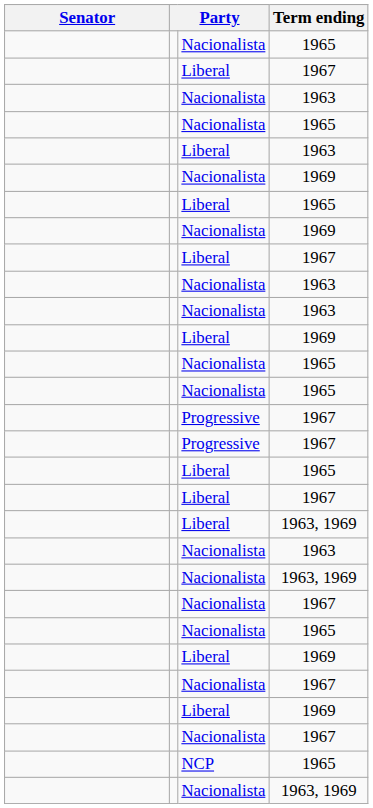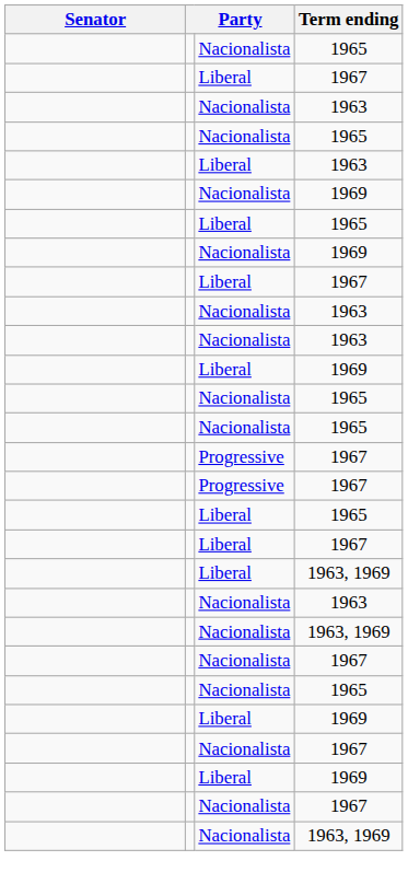 <table class="wikitable sortable">
 <tr>
 <th width="150px"><a href='#'>Senator</a></th>
 <th colspan="2"><a href='#'>Party</a></th>
 <th>Term ending</th>
 </tr>
 <tr>
 <td></td>
 <td></td>
 <td><a href='#'>Nacionalista</a></td>
 <td align="center">1965</td>
 </tr>
 <tr>
 <td></td>
 <td></td>
 <td><a href='#'>Liberal</a></td>
 <td align="center">1967</td>
 </tr>
 <tr>
 <td></td>
 <td></td>
 <td><a href='#'>Nacionalista</a></td>
 <td align="center">1963</td>
 </tr>
 <tr>
 <td></td>
 <td></td>
 <td><a href='#'>Nacionalista</a></td>
 <td align="center">1965</td>
 </tr>
 <tr>
 <td></td>
 <td></td>
 <td><a href='#'>Liberal</a></td>
 <td align="center">1963</td>
 </tr>
 <tr>
 <td></td>
 <td></td>
 <td><a href='#'>Nacionalista</a></td>
 <td align="center">1969</td>
 </tr>
 <tr>
 <td></td>
 <td></td>
 <td><a href='#'>Liberal</a></td>
 <td align="center">1965</td>
 </tr>
 <tr>
 <td></td>
 <td></td>
 <td><a href='#'>Nacionalista</a></td>
 <td align="center">1969</td>
 </tr>
 <tr>
 <td></td>
 <td></td>
 <td><a href='#'>Liberal</a></td>
 <td align="center">1967</td>
 </tr>
 <tr>
 <td></td>
 <td></td>
 <td><a href='#'>Nacionalista</a></td>
 <td align="center">1963</td>
 </tr>
 <tr>
 <td></td>
 <td></td>
 <td><a href='#'>Nacionalista</a></td>
 <td align="center">1963</td>
 </tr>
 <tr>
 <td></td>
 <td></td>
 <td><a href='#'>Liberal</a></td>
 <td align="center">1969</td>
 </tr>
 <tr>
 <td></td>
 <td></td>
 <td><a href='#'>Nacionalista</a></td>
 <td align="center">1965</td>
 </tr>
 <tr>
 <td></td>
 <td></td>
 <td><a href='#'>Nacionalista</a></td>
 <td align="center">1965</td>
 </tr>
 <tr>
 <td></td>
 <td></td>
 <td><a href='#'>Progressive</a></td>
 <td align="center">1967</td>
 </tr>
 <tr>
 <td></td>
 <td></td>
 <td><a href='#'>Progressive</a></td>
 <td align="center">1967</td>
 </tr>
 <tr>
 <td></td>
 <td></td>
 <td><a href='#'>Liberal</a></td>
 <td align="center">1965</td>
 </tr>
 <tr>
 <td></td>
 <td></td>
 <td><a href='#'>Liberal</a></td>
 <td align="center">1967</td>
 </tr>
 <tr>
 <td></td>
 <td></td>
 <td><a href='#'>Liberal</a></td>
 <td align="center">1963, 1969</td>
 </tr>
 <tr>
 <td></td>
 <td></td>
 <td><a href='#'>Nacionalista</a></td>
 <td align="center">1963</td>
 </tr>
 <tr>
 <td></td>
 <td></td>
 <td><a href='#'>Nacionalista</a></td>
 <td align="center">1963, 1969</td>
 </tr>
 <tr>
 <td></td>
 <td></td>
 <td><a href='#'>Nacionalista</a></td>
 <td align="center">1967</td>
 </tr>
 <tr>
 <td></td>
 <td></td>
 <td><a href='#'>Nacionalista</a></td>
 <td align="center">1965</td>
 </tr>
 <tr>
 <td></td>
 <td></td>
 <td><a href='#'>Liberal</a></td>
 <td align="center">1969</td>
 </tr>
 <tr>
 <td></td>
 <td></td>
 <td><a href='#'>Nacionalista</a></td>
 <td align="center">1967</td>
 </tr>
 <tr>
 <td></td>
 <td></td>
 <td><a href='#'>Liberal</a></td>
 <td align="center">1969</td>
 </tr>
 <tr>
 <td></td>
 <td></td>
 <td><a href='#'>Nacionalista</a></td>
 <td align="center">1967</td>
 </tr>
 <tr>
 <td></td>
 <td></td>
-<td><a href='#'>NCP</a></td>
-<td align="center">1965</td>
-</tr>
-<tr>
-<td></td>
-<td></td>
 <td><a href='#'>Nacionalista</a></td>
 <td align="center">1963, 1969</td>
 </tr>
 </table>
